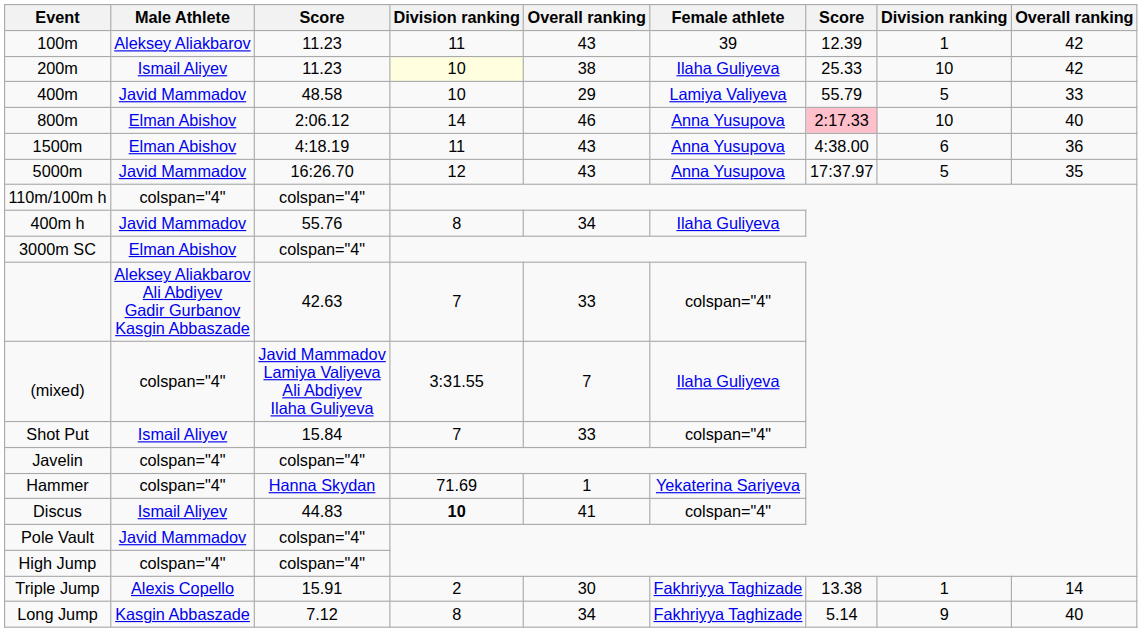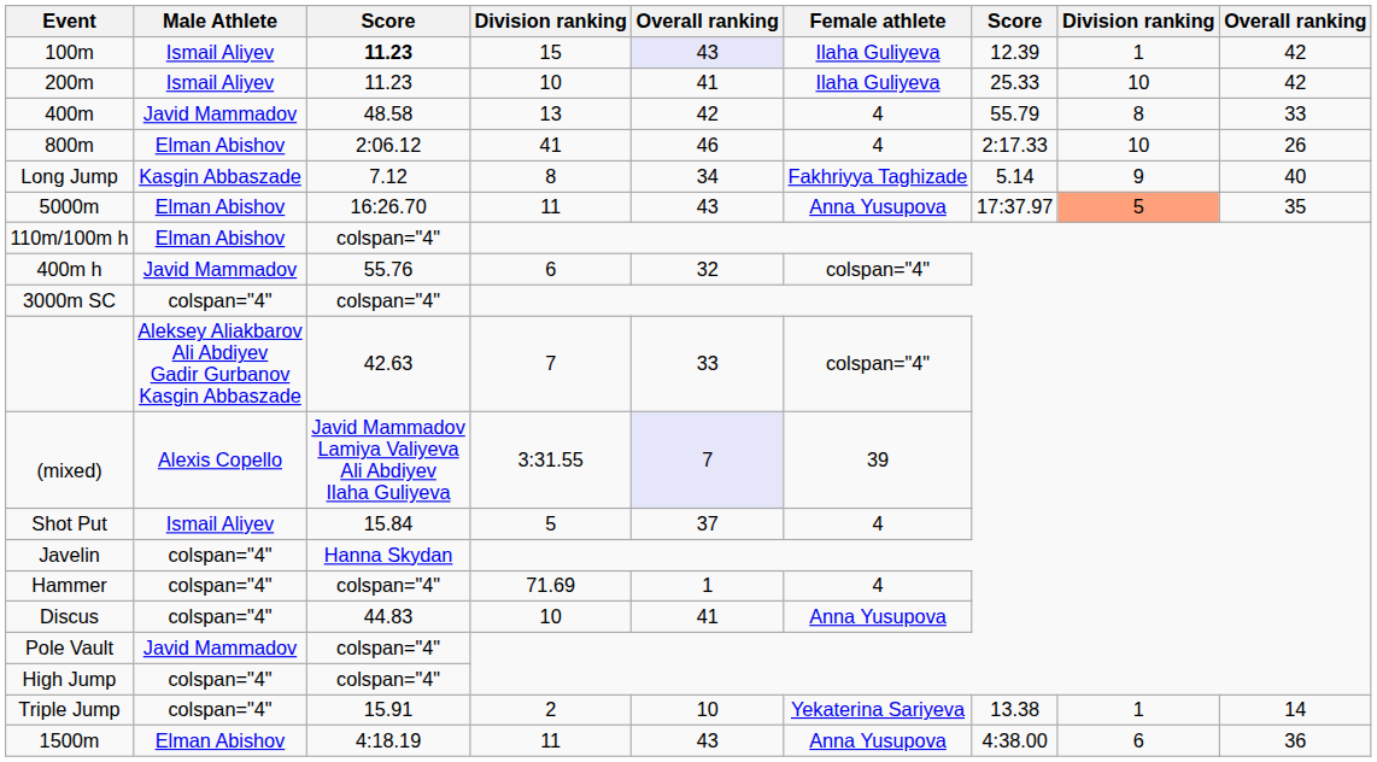 <table class="wikitable" style="font-size:90%; text-align:center">
 <tr>
 <th>Event</th>
 <th>Male Athlete</th>
 <th>Score</th>
 <th>Division ranking</th>
 <th>Overall ranking</th>
 <th>Female athlete</th>
 <th>Score</th>
 <th>Division ranking</th>
 <th>Overall ranking</th>
 </tr>
 <tr>
 <td>100m</td>
-<td><a href='#'>Aleksey Aliakbarov</a></td>
-<td>11.23</td>
-<td>11</td>
-<td>43</td>
-<td>39</td>
+<td><a href='#'>Ismail Aliyev</a></td>
+<td><strong>11.23</strong></td>
+<td>15</td>
+<td style="background: lavender;">43</td>
+<td><a href='#'>Ilaha Guliyeva</a></td>
 <td>12.39</td>
 <td>1</td>
 <td>42</td>
 </tr>
 <tr>
 <td>200m</td>
 <td><a href='#'>Ismail Aliyev</a></td>
 <td>11.23</td>
-<td style="background: lightyellow;">10</td>
-<td>38</td>
+<td>10</td>
+<td>41</td>
 <td><a href='#'>Ilaha Guliyeva</a></td>
 <td>25.33</td>
 <td>10</td>
 <td>42</td>
 </tr>
 <tr>
 <td>400m</td>
 <td><a href='#'>Javid Mammadov</a></td>
 <td>48.58</td>
-<td>10</td>
-<td>29</td>
-<td><a href='#'>Lamiya Valiyeva</a></td>
+<td>13</td>
+<td>42</td>
+<td>4</td>
 <td>55.79</td>
-<td>5</td>
+<td>8</td>
 <td>33</td>
 </tr>
 <tr>
 <td>800m</td>
 <td><a href='#'>Elman Abishov</a></td>
 <td>2:06.12</td>
-<td>14</td>
+<td>41</td>
 <td>46</td>
-<td><a href='#'>Anna Yusupova</a></td>
-<td style="background: pink;">2:17.33</td>
+<td>4</td>
+<td>2:17.33</td>
 <td>10</td>
+<td>26</td>
+</tr>
+<tr>
+<td>Long Jump</td>
+<td><a href='#'>Kasgin Abbaszade</a></td>
+<td>7.12</td>
+<td>8</td>
+<td>34</td>
+<td><a href='#'>Fakhriyya Taghizade</a></td>
+<td>5.14</td>
+<td>9</td>
 <td>40</td>
 </tr>
 <tr>
-<td>1500m</td>
+<td>5000m</td>
 <td><a href='#'>Elman Abishov</a></td>
-<td>4:18.19</td>
+<td>16:26.70</td>
 <td>11</td>
 <td>43</td>
 <td><a href='#'>Anna Yusupova</a></td>
-<td>4:38.00</td>
-<td>6</td>
-<td>36</td>
-</tr>
-<tr>
-<td>5000m</td>
-<td><a href='#'>Javid Mammadov</a></td>
-<td>16:26.70</td>
-<td>12</td>
-<td>43</td>
-<td><a href='#'>Anna Yusupova</a></td>
 <td>17:37.97</td>
-<td>5</td>
+<td style="background: lightsalmon;">5</td>
 <td>35</td>
 </tr>
 <tr>
 <td>110m/100m h</td>
-<td>colspan="4" </td>
+<td><a href='#'>Elman Abishov</a></td>
 <td>colspan="4" </td>
 </tr>
 <tr>
 <td>400m h</td>
 <td><a href='#'>Javid Mammadov</a></td>
 <td>55.76</td>
-<td>8</td>
-<td>34</td>
-<td><a href='#'>Ilaha Guliyeva</a></td>
+<td>6</td>
+<td>32</td>
+<td>colspan="4" </td>
 </tr>
 <tr>
 <td>3000m SC</td>
-<td><a href='#'>Elman Abishov</a></td>
+<td>colspan="4" </td>
 <td>colspan="4" </td>
 </tr>
 <tr>
 <td></td>
 <td><a href='#'>Aleksey Aliakbarov</a><br><a href='#'>Ali Abdiyev</a><br><a href='#'>Gadir Gurbanov</a><br><a href='#'>Kasgin Abbaszade</a></td>
 <td>42.63</td>
 <td>7</td>
 <td>33</td>
 <td>colspan="4" </td>
 </tr>
 <tr>
 <td><br>(mixed)</td>
-<td>colspan="4" </td>
+<td><a href='#'>Alexis Copello</a></td>
 <td><a href='#'>Javid Mammadov</a><br><a href='#'>Lamiya Valiyeva</a><br><a href='#'>Ali Abdiyev</a><br><a href='#'>Ilaha Guliyeva</a></td>
 <td>3:31.55</td>
-<td>7</td>
-<td><a href='#'>Ilaha Guliyeva</a></td>
+<td style="background: lavender;">7</td>
+<td>39</td>
 </tr>
 <tr>
 <td>Shot Put</td>
 <td><a href='#'>Ismail Aliyev</a></td>
 <td>15.84</td>
-<td>7</td>
-<td>33</td>
-<td>colspan="4" </td>
+<td>5</td>
+<td>37</td>
+<td>4</td>
 </tr>
 <tr>
 <td>Javelin</td>
 <td>colspan="4" </td>
-<td>colspan="4" </td>
+<td><a href='#'>Hanna Skydan</a></td>
 </tr>
 <tr>
 <td>Hammer</td>
 <td>colspan="4" </td>
-<td><a href='#'>Hanna Skydan</a></td>
+<td>colspan="4" </td>
 <td>71.69</td>
 <td>1</td>
-<td><a href='#'>Yekaterina Sariyeva</a></td>
+<td>4</td>
 </tr>
 <tr>
 <td>Discus</td>
-<td><a href='#'>Ismail Aliyev</a></td>
+<td>colspan="4" </td>
 <td>44.83</td>
-<td><strong>10</strong></td>
+<td>10</td>
 <td>41</td>
-<td>colspan="4" </td>
+<td><a href='#'>Anna Yusupova</a></td>
 </tr>
 <tr>
 <td>Pole Vault</td>
 <td><a href='#'>Javid Mammadov</a></td>
 <td>colspan="4" </td>
 </tr>
 <tr>
 <td>High Jump</td>
 <td>colspan="4" </td>
 <td>colspan="4" </td>
 </tr>
 <tr>
 <td>Triple Jump</td>
-<td><a href='#'>Alexis Copello</a></td>
+<td>colspan="4" </td>
 <td>15.91</td>
 <td>2</td>
-<td>30</td>
-<td><a href='#'>Fakhriyya Taghizade</a></td>
+<td>10</td>
+<td><a href='#'>Yekaterina Sariyeva</a></td>
 <td>13.38</td>
 <td>1</td>
 <td>14</td>
 </tr>
 <tr>
-<td>Long Jump</td>
-<td><a href='#'>Kasgin Abbaszade</a></td>
-<td>7.12</td>
-<td>8</td>
-<td>34</td>
-<td><a href='#'>Fakhriyya Taghizade</a></td>
-<td>5.14</td>
-<td>9</td>
-<td>40</td>
+<td>1500m</td>
+<td><a href='#'>Elman Abishov</a></td>
+<td>4:18.19</td>
+<td>11</td>
+<td>43</td>
+<td><a href='#'>Anna Yusupova</a></td>
+<td>4:38.00</td>
+<td>6</td>
+<td>36</td>
 </tr>
 </table>
